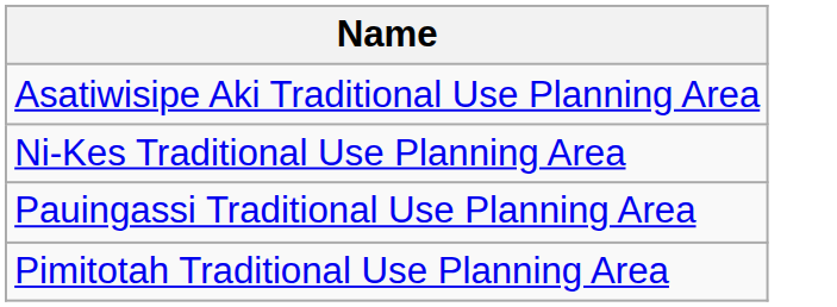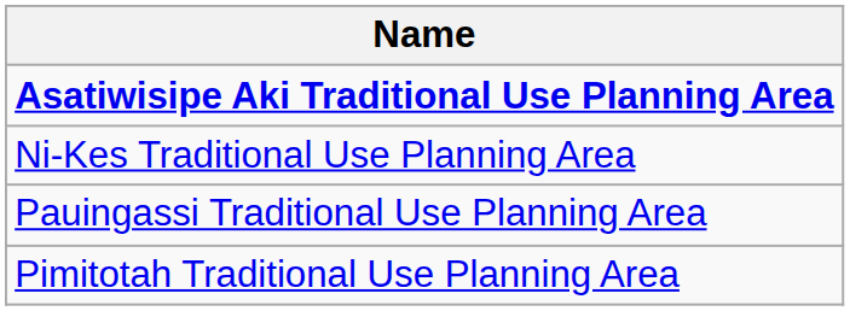 <table class="sortable wikitable">
 <tr>
 <th>Name</th>
 </tr>
 <tr>
-<td><a href='#'>Asatiwisipe Aki Traditional Use Planning Area</a></td>
+<td><strong><a href='#'>Asatiwisipe Aki Traditional Use Planning Area</a></strong></td>
 </tr>
 <tr>
 <td><a href='#'>Ni-Kes Traditional Use Planning Area</a></td>
 </tr>
 <tr>
 <td><a href='#'>Pauingassi Traditional Use Planning Area</a></td>
 </tr>
 <tr>
 <td><a href='#'>Pimitotah Traditional Use Planning Area</a></td>
 </tr>
 </table>
